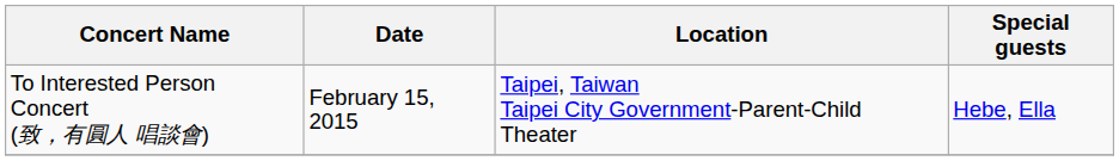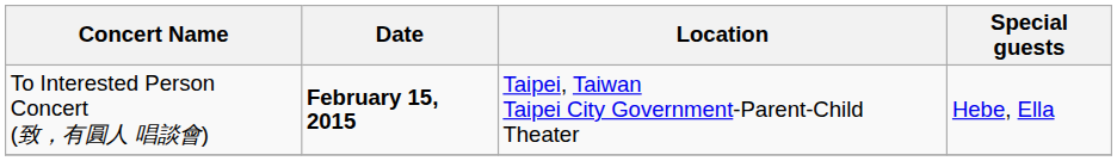 <table class="wikitable" style="width:800px;">
 <tr>
 <th align="left">Concert Name</th>
 <th align="left">Date</th>
 <th align="left">Location</th>
 <th align="left">Special guests</th>
 </tr>
 <tr>
 <td align="left">To Interested Person Concert<br>(<em>致，有圓人 唱談會</em>)</td>
-<td align="left">February 15, 2015</td>
+<td align="left"><strong>February 15, 2015</strong></td>
 <td align="left"><a href='#'>Taipei</a>, <a href='#'>Taiwan</a><br><a href='#'>Taipei City Government</a>-Parent-Child Theater</td>
 <td align="left"><a href='#'>Hebe</a>, <a href='#'>Ella</a></td>
 </tr>
 <tr>
 </tr>
 </table>
